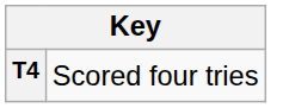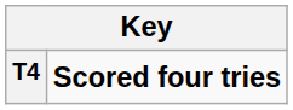 <table class="wikitable plainrowheaders">
 <tr>
 <th colspan="2" scope="col">Key</th>
 </tr>
 <tr>
 <th align="left" scope="row"><sup>T4</sup></th>
-<td align="left">Scored four tries</td>
+<td align="left"><strong>Scored four tries</strong></td>
 </tr>
 </table>
